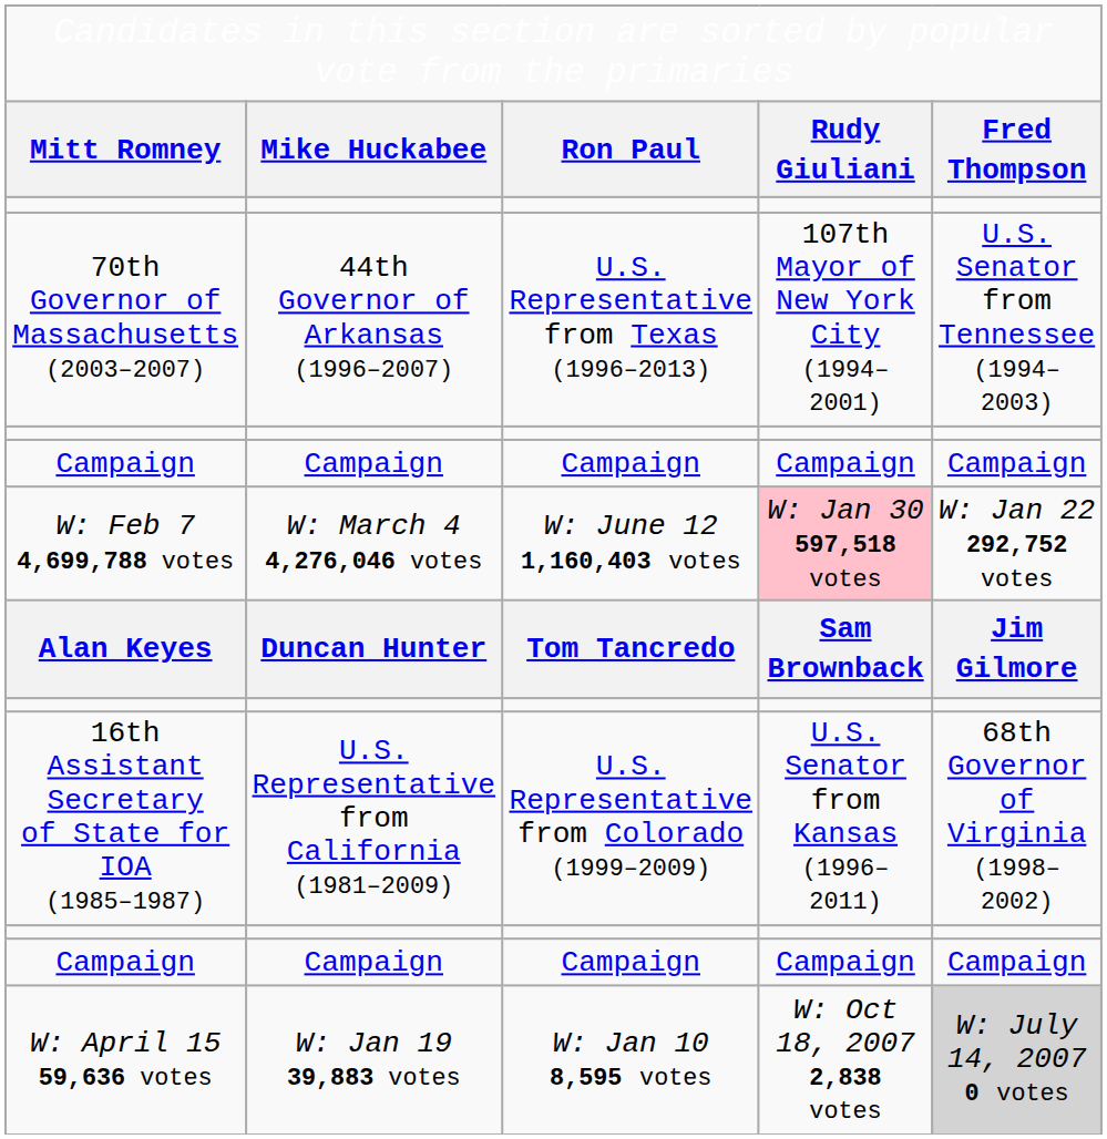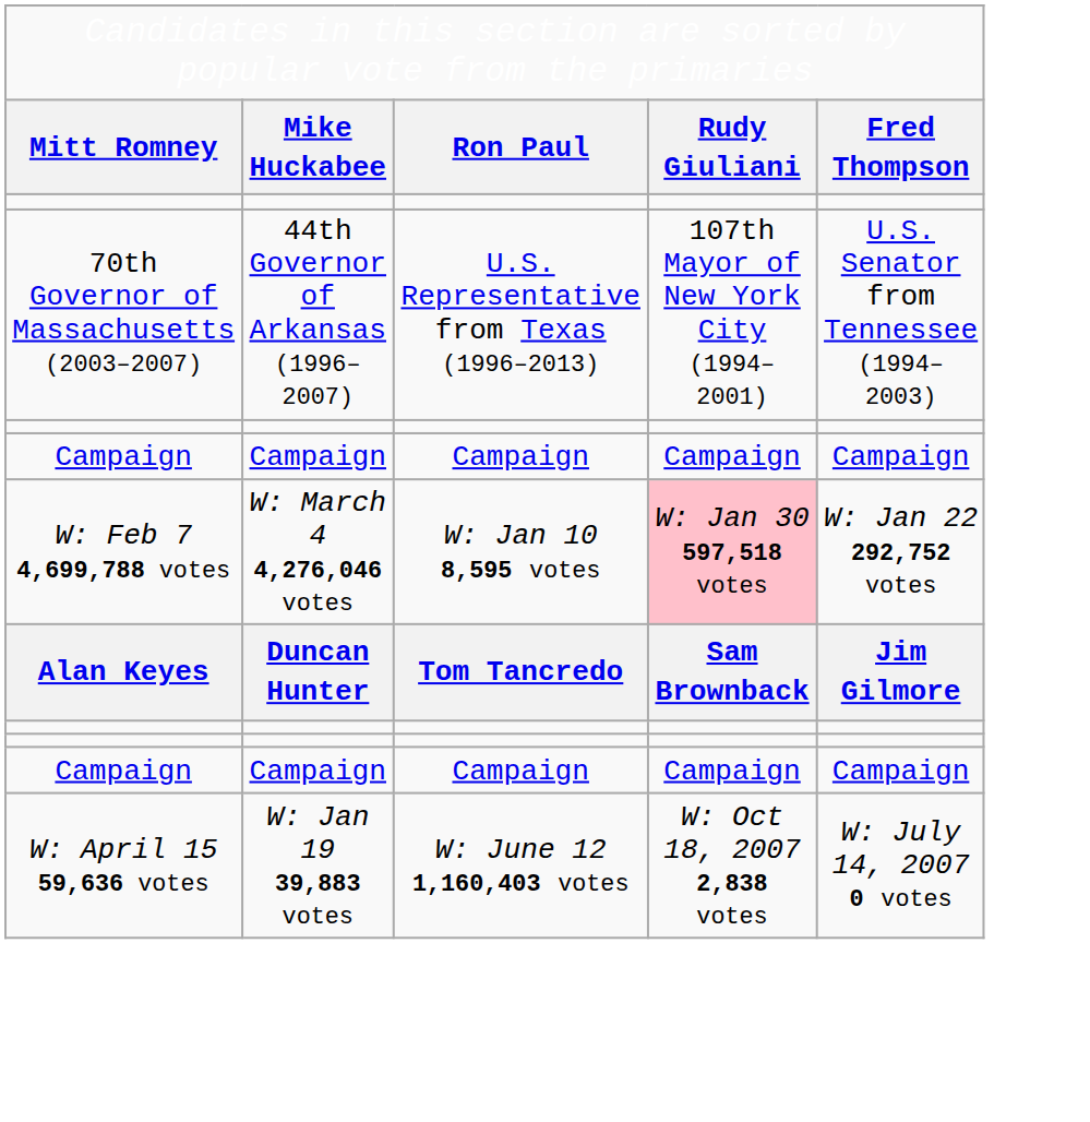 <table class="wikitable mw-collapsible mw-collapsed">
 <tr>
 <td colspan="5" style="text-align:center; font-size:120%; color:white; background:"><em>Candidates in this section are sorted by popular vote from the primaries</em></td>
 </tr>
 <tr>
 <th scope="col" style="width:3em; font-size:120%;"><a href='#'><small>Mitt Romney</small></a></th>
 <th scope="col" style="width:3em; font-size:120%;"><a href='#'><small>Mike Huckabee</small></a></th>
 <th scope="col" style="width:3em; font-size:120%;"><a href='#'><small>Ron Paul</small></a></th>
 <th scope="col" style="width:3em; font-size:120%;"><a href='#'><small>Rudy Giuliani</small></a></th>
 <th scope="col" style="width:3em; font-size:120%;"><a href='#'><small>Fred Thompson</small></a></th>
 </tr>
 <tr>
 <td></td>
 <td></td>
 <td></td>
 <td></td>
 <td></td>
 </tr>
 <tr style="text-align:center">
 <td>70th<br><a href='#'>Governor of</a><br><a href='#'>Massachusetts</a><br><small>(2003–2007)</small></td>
 <td>44th<br><a href='#'>Governor of</a><br><a href='#'>Arkansas</a><br><small>(1996–2007)</small></td>
 <td><a href='#'>U.S. Representative</a><br>from <a href='#'>Texas</a><br><small>(1996</small><small>–2013)</small></td>
 <td>107th<br><a href='#'>Mayor of</a><br><a href='#'>New York City</a><br><small>(1994–2001)</small></td>
 <td><a href='#'>U.S. Senator</a><br>from <a href='#'>Tennessee</a><br><small>(1994–2003)</small></td>
 </tr>
 <tr>
 <td></td>
 <td></td>
 <td></td>
 <td></td>
 <td></td>
 </tr>
 <tr style="text-align:center">
 <td><a href='#'>Campaign</a></td>
 <td><a href='#'>Campaign</a></td>
 <td><a href='#'>Campaign</a></td>
 <td><a href='#'>Campaign</a></td>
 <td><a href='#'>Campaign</a></td>
 </tr>
 <tr style="text-align:center">
 <td><em>W: Feb 7</em><br><small><strong>4,699,788</strong> votes</small></td>
 <td><em>W: March 4</em><br><small><strong>4,276,046</strong> votes</small></td>
-<td><em>W: June 12</em><br><strong><small>1,160,403</small></strong> <small>votes</small></td>
+<td><em>W: Jan 10</em><br><strong><small> 8,595</small></strong> <small>votes</small></td>
 <td style="background: pink;"><em>W: Jan 30</em><br><strong><small>597,518</small></strong> <small>votes</small></td>
 <td><em>W: Jan 22</em><br><strong><small>292,752</small></strong> <small>votes</small></td>
 </tr>
 <tr>
 <th scope="col" style="width:3em; font-size:120%;"><a href='#'><small>Alan Keyes</small></a></th>
 <th scope="col" style="width:3em; font-size:120%;"><a href='#'><small>Duncan Hunter</small></a></th>
 <th scope="col" style="width:3em; font-size:120%;"><a href='#'><small>Tom Tancredo</small></a></th>
 <th scope="col" style="width:3em; font-size:120%;"><a href='#'><small>Sam Brownback</small></a></th>
 <th scope="col" style="width:3em; font-size:120%;"><a href='#'><small>Jim Gilmore</small></a></th>
 </tr>
 <tr>
 <td></td>
 <td></td>
 <td></td>
 <td></td>
 <td></td>
-</tr>
-<tr style="text-align:center">
-<td>16th<br><a href='#'>Assistant Secretary</a><br><a href='#'>of State for IOA</a><br><small>(1985–1987)</small></td>
-<td><a href='#'>U.S. Representative</a><br>from <a href='#'>California</a><br><small>(1981–2009)</small></td>
-<td><a href='#'>U.S. Representative</a><br>from <a href='#'>Colorado</a><br><small>(1</small><small>999–2009)</small></td>
-<td><a href='#'>U.S. Senator</a><br>from <a href='#'>Kansas</a><br><small>(1996–2011)</small></td>
-<td>68th<br><a href='#'>Governor of Virginia</a><br><small>(1998–2002)</small></td>
 </tr>
 <tr>
 <td></td>
 <td></td>
 <td></td>
 <td></td>
 <td></td>
 </tr>
 <tr style="text-align:center">
 <td><a href='#'>Campaign</a></td>
 <td><a href='#'>Campaign</a></td>
 <td><a href='#'>Campaign</a></td>
 <td><a href='#'>Campaign</a></td>
 <td><a href='#'>Campaign</a></td>
 </tr>
 <tr style="text-align:center">
 <td><em>W: April 15</em><br><small><strong>59,636</strong> votes</small></td>
 <td><em>W: Jan 19</em><br><small><strong>39,883</strong> votes</small></td>
-<td><em>W: Jan 10</em><br><strong><small> 8,595</small></strong> <small>votes</small></td>
+<td><em>W: June 12</em><br><strong><small>1,160,403</small></strong> <small>votes</small></td>
 <td><em>W: Oct 18, 2007</em><br><strong><small> 2,838</small></strong> <small>votes</small></td>
-<td style="background: lightgrey;"><em>W: July 14, 2007</em><br><strong><small>0</small></strong> <small>votes</small></td>
+<td><em>W: July 14, 2007</em><br><strong><small>0</small></strong> <small>votes</small></td>
 </tr>
 </table>
